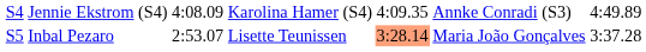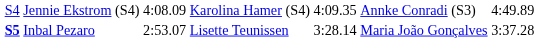 <table>
 <tr>
 <td><a href='#'>S4</a></td>
 <td><a href='#'>Jennie Ekstrom</a> (S4)<br></td>
 <td>4:08.09</td>
 <td><a href='#'>Karolina Hamer</a> (S4)<br></td>
 <td>4:09.35</td>
 <td><a href='#'>Annke Conradi</a> (S3)<br></td>
 <td>4:49.89</td>
 </tr>
 <tr>
-<td><a href='#'>S5</a></td>
+<td><strong><a href='#'>S5</a></strong></td>
 <td><a href='#'>Inbal Pezaro</a><br></td>
 <td>2:53.07</td>
 <td><a href='#'>Lisette Teunissen</a><br></td>
-<td style="background: lightsalmon;">3:28.14</td>
+<td>3:28.14</td>
 <td><a href='#'>Maria João Gonçalves</a><br></td>
 <td>3:37.28</td>
 </tr>
 </table>
